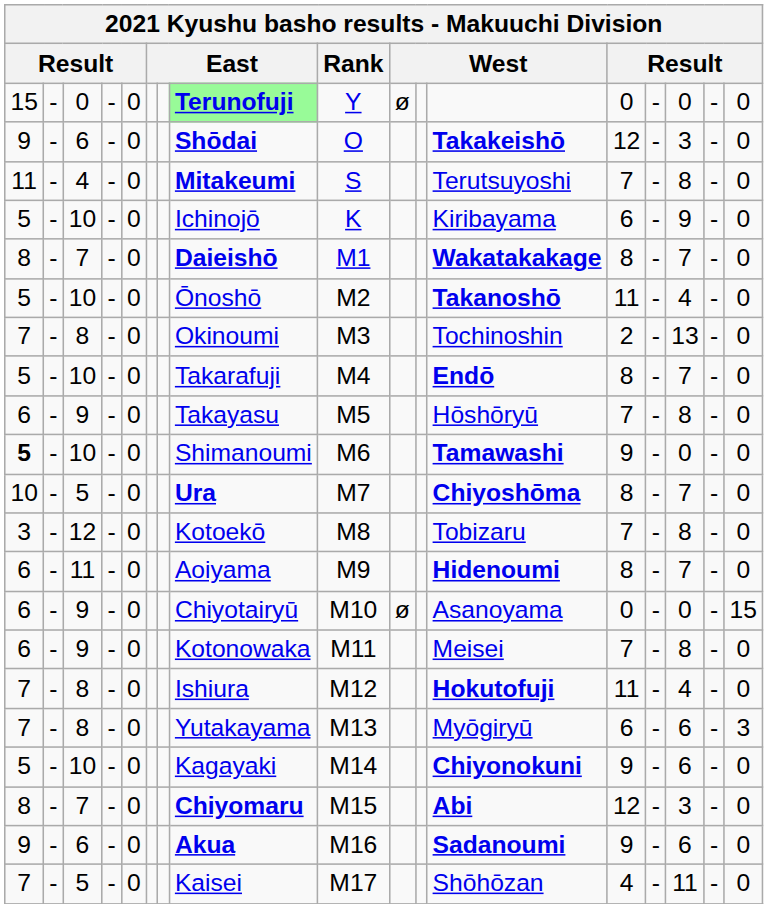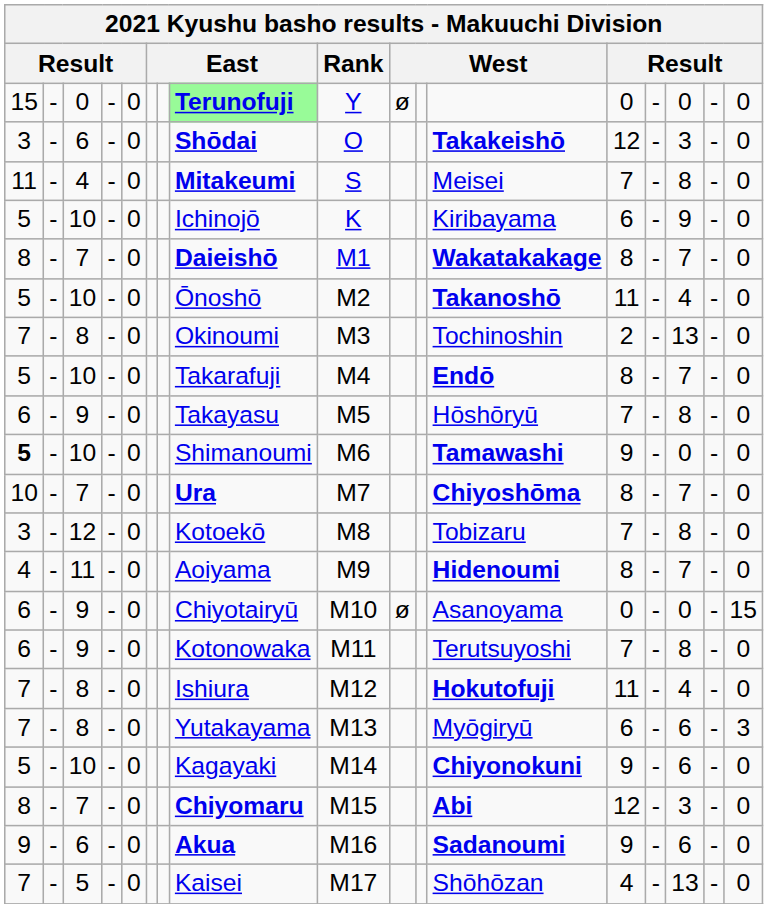 <table class="wikitable" style="text-align:center">
 <tr>
 <th colspan="17">2021 Kyushu basho results - Makuuchi Division</th>
 </tr>
 <tr>
 <th colspan="5">Result</th>
 <th colspan="3">East</th>
 <th>Rank</th>
 <th colspan="3">West</th>
 <th colspan="5">Result</th>
 </tr>
 <tr>
 <td>15</td>
 <td>-</td>
 <td>0</td>
 <td>-</td>
 <td>0</td>
 <td></td>
 <td></td>
 <td style="text-align:left;background: PaleGreen;"><strong><a href='#'>Terunofuji</a></strong></td>
 <td><a href='#'>Y</a></td>
 <td>ø</td>
 <td></td>
 <td></td>
 <td>0</td>
 <td>-</td>
 <td>0</td>
 <td>-</td>
 <td>0</td>
 </tr>
 <tr>
-<td>9</td>
+<td>3</td>
 <td>-</td>
 <td>6</td>
 <td>-</td>
 <td>0</td>
 <td></td>
 <td></td>
 <td style="text-align:left"><strong><a href='#'>Shōdai</a></strong></td>
 <td><a href='#'>O</a></td>
 <td></td>
 <td></td>
 <td style="text-align:left;"><strong><a href='#'>Takakeishō</a></strong></td>
 <td>12</td>
 <td>-</td>
 <td>3</td>
 <td>-</td>
 <td>0</td>
 </tr>
 <tr>
 <td>11</td>
 <td>-</td>
 <td>4</td>
 <td>-</td>
 <td>0</td>
 <td></td>
 <td></td>
 <td style="text-align:left;"><strong><a href='#'>Mitakeumi</a></strong></td>
 <td><a href='#'>S</a></td>
 <td></td>
 <td></td>
-<td style="text-align:left;"><a href='#'>Terutsuyoshi</a></td>
+<td style="text-align:left;"><a href='#'>Meisei</a></td>
 <td>7</td>
 <td>-</td>
 <td>8</td>
 <td>-</td>
 <td>0</td>
 </tr>
 <tr>
 <td>5</td>
 <td>-</td>
 <td>10</td>
 <td>-</td>
 <td>0</td>
 <td></td>
 <td></td>
 <td style="text-align:left;"><a href='#'>Ichinojō</a></td>
 <td><a href='#'>K</a></td>
 <td></td>
 <td></td>
 <td style="text-align:left;"><a href='#'>Kiribayama</a></td>
 <td>6</td>
 <td>-</td>
 <td>9</td>
 <td>-</td>
 <td>0</td>
 </tr>
 <tr>
 <td>8</td>
 <td>-</td>
 <td>7</td>
 <td>-</td>
 <td>0</td>
 <td></td>
 <td></td>
 <td style="text-align:left;"><strong><a href='#'>Daieishō</a></strong></td>
 <td><a href='#'>M1</a></td>
 <td></td>
 <td></td>
 <td style="text-align:left;"><strong><a href='#'>Wakatakakage</a></strong></td>
 <td>8</td>
 <td>-</td>
 <td>7</td>
 <td>-</td>
 <td>0</td>
 </tr>
 <tr>
 <td>5</td>
 <td>-</td>
 <td>10</td>
 <td>-</td>
 <td>0</td>
 <td></td>
 <td></td>
 <td style="text-align:left;"><a href='#'>Ōnoshō</a></td>
 <td>M2</td>
 <td></td>
 <td></td>
 <td style="text-align:left;"><strong><a href='#'>Takanoshō</a></strong></td>
 <td>11</td>
 <td>-</td>
 <td>4</td>
 <td>-</td>
 <td>0</td>
 </tr>
 <tr>
 <td>7</td>
 <td>-</td>
 <td>8</td>
 <td>-</td>
 <td>0</td>
 <td></td>
 <td></td>
 <td style="text-align:left;"><a href='#'>Okinoumi</a></td>
 <td>M3</td>
 <td></td>
 <td></td>
 <td style="text-align:left;"><a href='#'>Tochinoshin</a></td>
 <td>2</td>
 <td>-</td>
 <td>13</td>
 <td>-</td>
 <td>0</td>
 </tr>
 <tr>
 <td>5</td>
 <td>-</td>
 <td>10</td>
 <td>-</td>
 <td>0</td>
 <td></td>
 <td></td>
 <td style="text-align:left;"><a href='#'>Takarafuji</a></td>
 <td>M4</td>
 <td></td>
 <td></td>
 <td style="text-align:left;"><strong><a href='#'>Endō</a></strong></td>
 <td>8</td>
 <td>-</td>
 <td>7</td>
 <td>-</td>
 <td>0</td>
 </tr>
 <tr>
 <td>6</td>
 <td>-</td>
 <td>9</td>
 <td>-</td>
 <td>0</td>
 <td></td>
 <td></td>
 <td style="text-align:left;"><a href='#'>Takayasu</a></td>
 <td>M5</td>
 <td></td>
 <td></td>
 <td style="text-align:left;"><a href='#'>Hōshōryū</a></td>
 <td>7</td>
 <td>-</td>
 <td>8</td>
 <td>-</td>
 <td>0</td>
 </tr>
 <tr>
 <td><strong>5</strong></td>
 <td>-</td>
 <td>10</td>
 <td>-</td>
 <td>0</td>
 <td></td>
 <td></td>
 <td style="text-align:left;"><a href='#'>Shimanoumi</a></td>
 <td>M6</td>
 <td></td>
 <td></td>
 <td style="text-align:left;"><strong><a href='#'>Tamawashi</a></strong></td>
 <td>9</td>
 <td>-</td>
 <td>0</td>
 <td>-</td>
 <td>0</td>
 </tr>
 <tr>
 <td>10</td>
 <td>-</td>
-<td>5</td>
+<td>7</td>
 <td>-</td>
 <td>0</td>
 <td></td>
 <td></td>
 <td style="text-align:left;"><strong><a href='#'>Ura</a></strong></td>
 <td>M7</td>
 <td></td>
 <td></td>
 <td style="text-align:left;"><strong><a href='#'>Chiyoshōma</a></strong></td>
 <td>8</td>
 <td>-</td>
 <td>7</td>
 <td>-</td>
 <td>0</td>
 </tr>
 <tr>
 <td>3</td>
 <td>-</td>
 <td>12</td>
 <td>-</td>
 <td>0</td>
 <td></td>
 <td></td>
 <td style="text-align:left;"><a href='#'>Kotoekō</a></td>
 <td>M8</td>
 <td></td>
 <td></td>
 <td style="text-align:left;"><a href='#'>Tobizaru</a></td>
 <td>7</td>
 <td>-</td>
 <td>8</td>
 <td>-</td>
 <td>0</td>
 </tr>
 <tr>
-<td>6</td>
+<td>4</td>
 <td>-</td>
 <td>11</td>
 <td>-</td>
 <td>0</td>
 <td></td>
 <td></td>
 <td style="text-align:left;"><a href='#'>Aoiyama</a></td>
 <td>M9</td>
 <td></td>
 <td></td>
 <td style="text-align:left;"><strong><a href='#'>Hidenoumi</a></strong></td>
 <td>8</td>
 <td>-</td>
 <td>7</td>
 <td>-</td>
 <td>0</td>
 </tr>
 <tr>
 <td>6</td>
 <td>-</td>
 <td>9</td>
 <td>-</td>
 <td>0</td>
 <td></td>
 <td></td>
 <td style="text-align:left;"><a href='#'>Chiyotairyū</a></td>
 <td>M10</td>
 <td>ø</td>
 <td></td>
 <td style="text-align:left;"><a href='#'>Asanoyama</a></td>
 <td>0</td>
 <td>-</td>
 <td>0</td>
 <td>-</td>
 <td>15</td>
 </tr>
 <tr>
 <td>6</td>
 <td>-</td>
 <td>9</td>
 <td>-</td>
 <td>0</td>
 <td></td>
 <td></td>
 <td style="text-align:left;"><a href='#'>Kotonowaka</a></td>
 <td>M11</td>
 <td></td>
 <td></td>
-<td style="text-align:left;"><a href='#'>Meisei</a></td>
+<td style="text-align:left;"><a href='#'>Terutsuyoshi</a></td>
 <td>7</td>
 <td>-</td>
 <td>8</td>
 <td>-</td>
 <td>0</td>
 </tr>
 <tr>
 <td>7</td>
 <td>-</td>
 <td>8</td>
 <td>-</td>
 <td>0</td>
 <td></td>
 <td></td>
 <td style="text-align:left;"><a href='#'>Ishiura</a></td>
 <td>M12</td>
 <td></td>
 <td></td>
 <td style="text-align:left;"><strong><a href='#'>Hokutofuji</a></strong></td>
 <td>11</td>
 <td>-</td>
 <td>4</td>
 <td>-</td>
 <td>0</td>
 </tr>
 <tr>
 <td>7</td>
 <td>-</td>
 <td>8</td>
 <td>-</td>
 <td>0</td>
 <td></td>
 <td></td>
 <td style="text-align:left;"><a href='#'>Yutakayama</a></td>
 <td>M13</td>
 <td></td>
 <td></td>
 <td style="text-align:left;"><a href='#'>Myōgiryū</a></td>
 <td>6</td>
 <td>-</td>
 <td>6</td>
 <td>-</td>
 <td>3</td>
 </tr>
 <tr>
 <td>5</td>
 <td>-</td>
 <td>10</td>
 <td>-</td>
 <td>0</td>
 <td></td>
 <td></td>
 <td style="text-align:left;"><a href='#'>Kagayaki</a></td>
 <td>M14</td>
 <td></td>
 <td></td>
 <td style="text-align:left;"><strong><a href='#'>Chiyonokuni</a></strong></td>
 <td>9</td>
 <td>-</td>
 <td>6</td>
 <td>-</td>
 <td>0</td>
 </tr>
 <tr>
 <td>8</td>
 <td>-</td>
 <td>7</td>
 <td>-</td>
 <td>0</td>
 <td></td>
 <td></td>
 <td style="text-align:left;"><strong><a href='#'>Chiyomaru</a></strong></td>
 <td>M15</td>
 <td></td>
 <td></td>
 <td style="text-align:left;"><strong><a href='#'>Abi</a></strong></td>
 <td>12</td>
 <td>-</td>
 <td>3</td>
 <td>-</td>
 <td>0</td>
 </tr>
 <tr>
 <td>9</td>
 <td>-</td>
 <td>6</td>
 <td>-</td>
 <td>0</td>
 <td></td>
 <td></td>
 <td style="text-align:left;"><strong><a href='#'>Akua</a></strong></td>
 <td>M16</td>
 <td></td>
 <td></td>
 <td style="text-align:left;"><strong><a href='#'>Sadanoumi</a></strong></td>
 <td>9</td>
 <td>-</td>
 <td>6</td>
 <td>-</td>
 <td>0</td>
 </tr>
 <tr>
 <td>7</td>
 <td>-</td>
 <td>5</td>
 <td>-</td>
 <td>0</td>
 <td></td>
 <td></td>
 <td style="text-align:left;"><a href='#'>Kaisei</a></td>
 <td>M17</td>
 <td></td>
 <td></td>
 <td style="text-align:left;"><a href='#'>Shōhōzan</a></td>
 <td>4</td>
 <td>-</td>
-<td>11</td>
+<td>13</td>
 <td>-</td>
 <td>0</td>
 </tr>
 <tr>
 </tr>
 </table>
